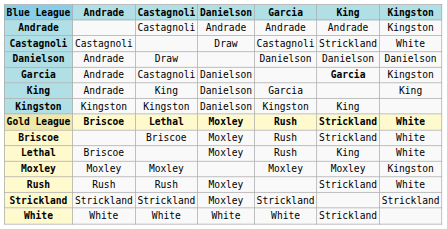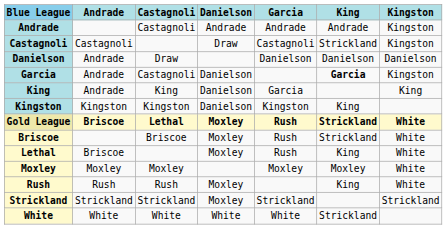 <table class="wikitable" style="margin: 1em auto">
 <tr align="center">
 <th style="background: skyblue">Blue League</th>
 <th style="background: powderblue">Andrade</th>
 <th style="background: powderblue">Castagnoli</th>
 <th style="background: powderblue">Danielson</th>
 <th style="background: powderblue">Garcia</th>
 <th style="background: powderblue">King</th>
 <th style="background: powderblue">Kingston</th>
 </tr>
 <tr align="center">
 <th style="background: powderblue">Andrade</th>
 <td></td>
 <td>Castagnoli<br></td>
 <td>Andrade<br></td>
 <td>Andrade<br></td>
 <td>Andrade<br></td>
 <td>Kingston<br></td>
 </tr>
 <tr align="center">
 <th style="background: powderblue">Castagnoli</th>
 <td>Castagnoli<br></td>
 <td></td>
 <td>Draw<br></td>
 <td>Castagnoli<br></td>
 <td>Strickland<br></td>
-<td>White<br></td>
+<td>Kingston<br></td>
 </tr>
 <tr align="center">
 <th style="background: powderblue">Danielson</th>
 <td>Andrade<br></td>
 <td>Draw<br></td>
 <td></td>
 <td>Danielson<br></td>
 <td>Danielson<br></td>
 <td>Danielson<br></td>
 </tr>
 <tr align="center">
 <th style="background: powderblue">Garcia</th>
 <td>Andrade<br></td>
 <td>Castagnoli<br></td>
 <td>Danielson<br></td>
 <td></td>
 <td><strong>Garcia<br></strong></td>
 <td>Kingston<br></td>
 </tr>
 <tr align="center">
 <th style="background: powderblue">King</th>
 <td>Andrade<br></td>
 <td>King<br></td>
 <td>Danielson<br></td>
 <td>Garcia<br></td>
 <td></td>
 <td>King<br></td>
 </tr>
 <tr align="center">
 <th style="background: powderblue">Kingston</th>
 <td>Kingston<br></td>
 <td>Kingston<br></td>
 <td>Danielson<br></td>
 <td>Kingston<br></td>
 <td>King<br></td>
 <td></td>
 </tr>
 <tr align="center">
 <th style="background: palegoldenrod">Gold League</th>
 <th style="background: lemonchiffon">Briscoe</th>
 <th style="background: lemonchiffon">Lethal</th>
 <th style="background: lemonchiffon">Moxley</th>
 <th style="background: lemonchiffon">Rush</th>
 <th style="background: lemonchiffon">Strickland</th>
 <th style="background: lemonchiffon">White</th>
 </tr>
 <tr align="center">
 <th style="background: lemonchiffon">Briscoe</th>
 <td></td>
 <td>Briscoe<br></td>
 <td>Moxley<br></td>
 <td>Rush<br></td>
 <td>Strickland<br></td>
 <td>White<br></td>
 </tr>
 <tr align="center">
 <th style="background: lemonchiffon">Lethal</th>
 <td>Briscoe<br></td>
 <td></td>
 <td>Moxley<br></td>
 <td>Rush<br></td>
 <td>King<br></td>
 <td>White<br></td>
 </tr>
 <tr align="center">
 <th style="background: lemonchiffon">Moxley</th>
 <td>Moxley<br></td>
 <td>Moxley<br></td>
 <td></td>
 <td>Moxley<br></td>
 <td>Moxley<br></td>
-<td>Kingston<br></td>
+<td>White<br></td>
 </tr>
 <tr align="center">
 <th style="background: lemonchiffon">Rush</th>
 <td>Rush<br></td>
 <td>Rush<br></td>
 <td>Moxley<br></td>
 <td></td>
-<td>Strickland<br></td>
+<td>King<br></td>
 <td>White<br></td>
 </tr>
 <tr align="center">
 <th style="background: lemonchiffon">Strickland</th>
 <td>Strickland<br></td>
 <td>Strickland<br></td>
 <td>Moxley<br></td>
 <td>Strickland<br></td>
 <td></td>
 <td>Strickland<br></td>
 </tr>
 <tr align="center">
 <th style="background: lemonchiffon">White</th>
 <td>White<br></td>
 <td>White<br></td>
 <td>White<br></td>
 <td>White<br></td>
 <td>Strickland<br></td>
 <td></td>
 </tr>
 </table>
